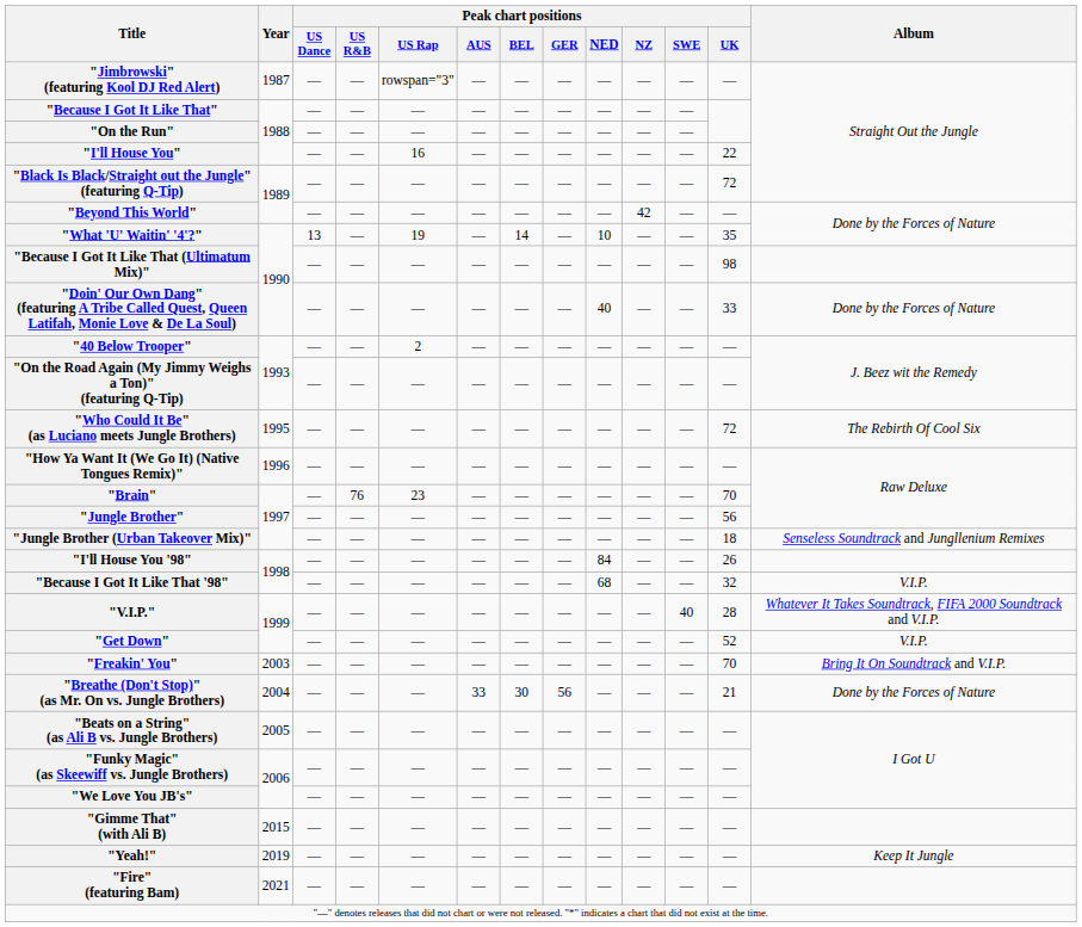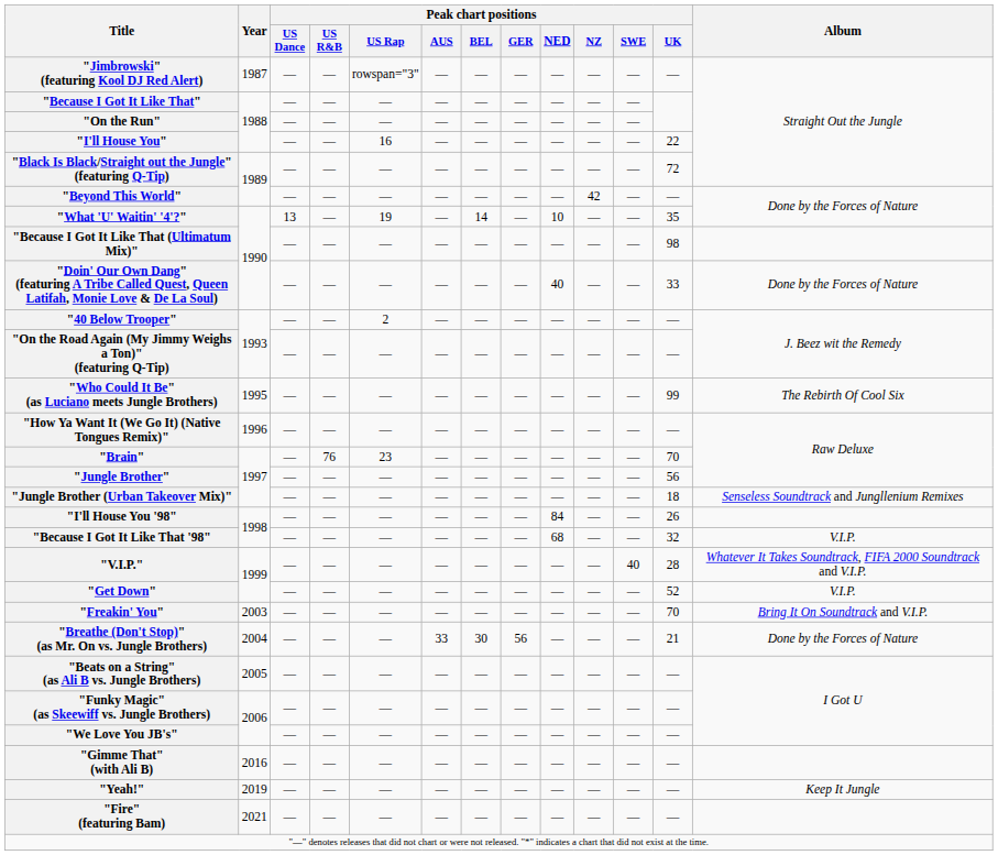 <table class="wikitable plainrowheaders" style="text-align:center;" border="1">
 <tr>
 <th scope="col" rowspan="2" style="width:18em;">Title</th>
 <th scope="col" rowspan="2">Year</th>
 <th scope="col" colspan="10">Peak chart positions</th>
 <th scope="col" rowspan="2">Album</th>
 </tr>
 <tr>
 <th scope="col" style="width:3em;font-size:90%;"><a href='#'>US Dance</a><br></th>
 <th scope="col" style="width:3em;font-size:90%;"><a href='#'>US R&B</a><br></th>
 <th scope="col" style="width:3em;font-size:90%;"><a href='#'>US Rap</a><br></th>
 <th scope="col" style="width:3em;font-size:90%;"><a href='#'>AUS</a><br></th>
 <th scope="col" style="width:3em;font-size:90%;"><a href='#'>BEL</a><br></th>
 <th scope="col" style="width:3em;font-size:90%;"><a href='#'>GER</a><br></th>
 <th width="35"><a href='#'>NED</a><br></th>
 <th scope="col" style="width:3em;font-size:90%;"><a href='#'>NZ</a><br></th>
 <th scope="col" style="width:3em;font-size:90%;"><a href='#'>SWE</a><br></th>
 <th scope="col" style="width:3em;font-size:90%;"><a href='#'>UK</a><br></th>
 </tr>
 <tr>
 <th scope="row">"<a href='#'>Jimbrowski</a>"<br><span>(featuring <a href='#'>Kool DJ Red Alert</a>)</span></th>
 <td rowspan="1">1987</td>
 <td>—</td>
 <td>—</td>
 <td>rowspan="3" </td>
 <td>—</td>
 <td>—</td>
 <td>—</td>
 <td>—</td>
 <td>—</td>
 <td>—</td>
 <td>—</td>
 <td align="center" rowspan="5"><em>Straight Out the Jungle</em></td>
 </tr>
 <tr>
 <th scope="row">"<a href='#'>Because I Got It Like That</a>"</th>
 <td rowspan="3">1988</td>
 <td>—</td>
 <td>—</td>
 <td>—</td>
 <td>—</td>
 <td>—</td>
 <td>—</td>
 <td>—</td>
 <td>—</td>
 <td>—</td>
 </tr>
 <tr>
 <th scope="row">"On the Run"</th>
 <td>—</td>
 <td>—</td>
 <td>—</td>
 <td>—</td>
 <td>—</td>
 <td>—</td>
 <td>—</td>
 <td>—</td>
 <td>—</td>
 </tr>
 <tr>
 <th scope="row">"<a href='#'>I'll House You</a>"</th>
 <td>—</td>
 <td>—</td>
 <td>16</td>
 <td>—</td>
 <td>—</td>
 <td>—</td>
 <td>—</td>
 <td>—</td>
 <td>—</td>
 <td>22</td>
 </tr>
 <tr>
 <th scope="row">"<a href='#'>Black Is Black</a>/<a href='#'>Straight out the Jungle</a>"<br><span>(featuring <a href='#'>Q-Tip</a>)</span></th>
 <td rowspan="2">1989</td>
 <td>—</td>
 <td>—</td>
 <td>—</td>
 <td>—</td>
 <td>—</td>
 <td>—</td>
 <td>—</td>
 <td>—</td>
 <td>—</td>
 <td>72</td>
 </tr>
 <tr>
 <th scope="row">"<a href='#'>Beyond This World</a>"</th>
 <td>—</td>
 <td>—</td>
 <td>—</td>
 <td>—</td>
 <td>—</td>
 <td>—</td>
 <td>—</td>
 <td>42</td>
 <td>—</td>
 <td>—</td>
 <td align="center" rowspan="2"><em>Done by the Forces of Nature</em></td>
 </tr>
 <tr>
 <th scope="row">"<a href='#'>What 'U' Waitin' '4'?</a>"</th>
 <td rowspan="3">1990</td>
 <td>13</td>
 <td>—</td>
 <td>19</td>
 <td>—</td>
 <td>14</td>
 <td>—</td>
 <td>10</td>
 <td>—</td>
 <td>—</td>
 <td>35</td>
 </tr>
 <tr>
 <th scope="row">"Because I Got It Like That (<a href='#'>Ultimatum</a> Mix)"</th>
 <td>—</td>
 <td>—</td>
 <td>—</td>
 <td>—</td>
 <td>—</td>
 <td>—</td>
 <td>—</td>
 <td>—</td>
 <td>—</td>
 <td>98</td>
 <td></td>
 </tr>
 <tr>
 <th scope="row">"<a href='#'>Doin' Our Own Dang</a>"<br><span>(featuring <a href='#'>A Tribe Called Quest</a>, <a href='#'>Queen Latifah</a>, <a href='#'>Monie Love</a> & <a href='#'>De La Soul</a>)</span></th>
 <td>—</td>
 <td>—</td>
 <td>—</td>
 <td>—</td>
 <td>—</td>
 <td>—</td>
 <td>40</td>
 <td>—</td>
 <td>—</td>
 <td>33</td>
 <td><em>Done by the Forces of Nature</em></td>
 </tr>
 <tr>
 <th scope="row">"<a href='#'>40 Below Trooper</a>"</th>
 <td rowspan="2">1993</td>
 <td>—</td>
 <td>—</td>
 <td>2</td>
 <td>—</td>
 <td>—</td>
 <td>—</td>
 <td>—</td>
 <td>—</td>
 <td>—</td>
 <td>—</td>
 <td align="center" rowspan="2"><em>J. Beez wit the Remedy</em></td>
 </tr>
 <tr>
 <th scope="row">"On the Road Again (My Jimmy Weighs a Ton)"<br><span>(featuring Q-Tip)</span></th>
 <td>—</td>
 <td>—</td>
 <td>—</td>
 <td>—</td>
 <td>—</td>
 <td>—</td>
 <td>—</td>
 <td>—</td>
 <td>—</td>
 <td>—</td>
 </tr>
 <tr>
 <th scope="row">"<a href='#'>Who Could It Be</a>"<br><span>(as <a href='#'>Luciano</a> meets Jungle Brothers)</span></th>
 <td>1995</td>
 <td>—</td>
 <td>—</td>
 <td>—</td>
 <td>—</td>
 <td>—</td>
 <td>—</td>
 <td>—</td>
 <td>—</td>
 <td>—</td>
-<td>72</td>
+<td>99</td>
 <td><em>The Rebirth Of Cool Six</em></td>
 </tr>
 <tr>
 <th scope="row">"How Ya Want It (We Go It) (Native Tongues Remix)"</th>
 <td rowspan="1">1996</td>
 <td>—</td>
 <td>—</td>
 <td>—</td>
 <td>—</td>
 <td>—</td>
 <td>—</td>
 <td>—</td>
 <td>—</td>
 <td>—</td>
 <td>—</td>
 <td align="center" rowspan="3"><em>Raw Deluxe</em></td>
 </tr>
 <tr>
 <th scope="row">"<a href='#'>Brain</a>"</th>
 <td rowspan="3">1997</td>
 <td>—</td>
 <td>76</td>
 <td>23</td>
 <td>—</td>
 <td>—</td>
 <td>—</td>
 <td>—</td>
 <td>—</td>
 <td>—</td>
 <td>70</td>
 </tr>
 <tr>
 <th scope="row">"<a href='#'>Jungle Brother</a>"</th>
 <td>—</td>
 <td>—</td>
 <td>—</td>
 <td>—</td>
 <td>—</td>
 <td>—</td>
 <td>—</td>
 <td>—</td>
 <td>—</td>
 <td>56</td>
 </tr>
 <tr>
 <th scope="row">"Jungle Brother (<a href='#'>Urban Takeover</a> Mix)"</th>
 <td>—</td>
 <td>—</td>
 <td>—</td>
 <td>—</td>
 <td>—</td>
 <td>—</td>
 <td>—</td>
 <td>—</td>
 <td>—</td>
 <td>18</td>
 <td><em><a href='#'>Senseless Soundtrack</a></em> and <em>Jungllenium Remixes</em></td>
 </tr>
 <tr>
 <th scope="row">"I'll House You '98"</th>
 <td rowspan="2">1998</td>
 <td>—</td>
 <td>—</td>
 <td>—</td>
 <td>—</td>
 <td>—</td>
 <td>—</td>
 <td>84</td>
 <td>—</td>
 <td>—</td>
 <td>26</td>
 <td></td>
 </tr>
 <tr>
 <th scope="row">"Because I Got It Like That '98"</th>
 <td>—</td>
 <td>—</td>
 <td>—</td>
 <td>—</td>
 <td>—</td>
 <td>—</td>
 <td>68</td>
 <td>—</td>
 <td>—</td>
 <td>32</td>
 <td><em>V.I.P.</em></td>
 </tr>
 <tr>
 <th scope="row">"V.I.P."</th>
 <td rowspan="2">1999</td>
 <td>—</td>
 <td>—</td>
 <td>—</td>
 <td>—</td>
 <td>—</td>
 <td>—</td>
 <td>—</td>
 <td>—</td>
 <td>40</td>
 <td>28</td>
 <td><em><a href='#'>Whatever It Takes Soundtrack</a></em>, <em><a href='#'>FIFA 2000 Soundtrack</a></em> and <em>V.I.P.</em></td>
 </tr>
 <tr>
 <th scope="row">"<a href='#'>Get Down</a>"</th>
 <td>—</td>
 <td>—</td>
 <td>—</td>
 <td>—</td>
 <td>—</td>
 <td>—</td>
 <td>—</td>
 <td>—</td>
 <td>—</td>
 <td>52</td>
 <td><em>V.I.P.</em></td>
 </tr>
 <tr>
 <th scope="row">"<a href='#'>Freakin' You</a>"</th>
 <td rowspan="1">2003</td>
 <td>—</td>
 <td>—</td>
 <td>—</td>
 <td>—</td>
 <td>—</td>
 <td>—</td>
 <td>—</td>
 <td>—</td>
 <td>—</td>
 <td>70</td>
 <td><em><a href='#'>Bring It On Soundtrack</a></em> and <em>V.I.P.</em></td>
 </tr>
 <tr>
 <th scope="row">"<a href='#'>Breathe (Don't Stop)</a>"<br><span>(as Mr. On vs. Jungle Brothers)</span></th>
 <td rowspan="1">2004</td>
 <td>—</td>
 <td>—</td>
 <td>—</td>
 <td>33</td>
 <td>30</td>
 <td>56</td>
 <td>—</td>
 <td>—</td>
 <td>—</td>
 <td>21</td>
 <td><em>Done by the Forces of Nature</em></td>
 </tr>
 <tr>
 <th scope="row">"Beats on a String"<br><span>(as <a href='#'>Ali B</a> vs. Jungle Brothers)</span></th>
 <td>2005</td>
 <td>—</td>
 <td>—</td>
 <td>—</td>
 <td>—</td>
 <td>—</td>
 <td>—</td>
 <td>—</td>
 <td>—</td>
 <td>—</td>
 <td>—</td>
 <td align="center" rowspan="3"><em>I Got U</em></td>
 </tr>
 <tr>
 <th scope="row">"Funky Magic"<br><span>(as <a href='#'>Skeewiff</a> vs. Jungle Brothers)</span></th>
 <td rowspan="2">2006</td>
 <td>—</td>
 <td>—</td>
 <td>—</td>
 <td>—</td>
 <td>—</td>
 <td>—</td>
 <td>—</td>
 <td>—</td>
 <td>—</td>
 <td>—</td>
 </tr>
 <tr>
 <th scope="row">"We Love You JB's"</th>
 <td>—</td>
 <td>—</td>
 <td>—</td>
 <td>—</td>
 <td>—</td>
 <td>—</td>
 <td>—</td>
 <td>—</td>
 <td>—</td>
 <td>—</td>
 </tr>
 <tr>
 <th scope="row">"Gimme That"<br><span>(with Ali B)</span></th>
-<td>2015</td>
+<td>2016</td>
 <td>—</td>
 <td>—</td>
 <td>—</td>
 <td>—</td>
 <td>—</td>
 <td>—</td>
 <td>—</td>
 <td>—</td>
 <td>—</td>
 <td>—</td>
 <td></td>
 </tr>
 <tr>
 <th scope="row">"Yeah!"</th>
 <td>2019</td>
 <td>—</td>
 <td>—</td>
 <td>—</td>
 <td>—</td>
 <td>—</td>
 <td>—</td>
 <td>—</td>
 <td>—</td>
 <td>—</td>
 <td>—</td>
 <td><em>Keep It Jungle</em></td>
 </tr>
 <tr>
 <th scope="row">"Fire"<br><span>(featuring Bam)</span></th>
 <td>2021</td>
 <td>—</td>
 <td>—</td>
 <td>—</td>
 <td>—</td>
 <td>—</td>
 <td>—</td>
 <td>—</td>
 <td>—</td>
 <td>—</td>
 <td>—</td>
 <td></td>
 </tr>
 <tr>
 <td align="center" colspan="13" style="font-size:9pt">"—" denotes releases that did not chart or were not released. "*" indicates a chart that did not exist at the time.</td>
 </tr>
 </table>
